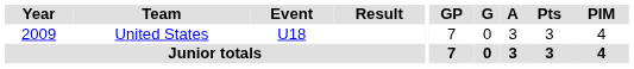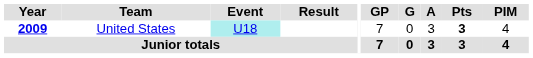 <table border="0" cellpadding="1" cellspacing="0" ID="Table3" style="text-align:center; width:40em">
 <tr ALIGN="center" bgcolor="#e0e0e0">
 <th>Year</th>
 <th>Team</th>
 <th>Event</th>
 <th>Result</th>
 <th rowspan="99" bgcolor="#ffffff"></th>
 <th>GP</th>
 <th>G</th>
 <th>A</th>
 <th>Pts</th>
 <th>PIM</th>
 </tr>
 <tr>
-<td><a href='#'>2009</a></td>
+<td><strong><a href='#'>2009</a></strong></td>
 <td><a href='#'>United States</a></td>
-<td><a href='#'>U18</a></td>
+<td style="background: paleturquoise;"><a href='#'>U18</a></td>
 <td></td>
 <td>7</td>
 <td>0</td>
 <td>3</td>
-<td>3</td>
+<td><strong>3</strong></td>
 <td>4</td>
 </tr>
 <tr ALIGN="center" bgcolor="#e0e0e0">
 <th colspan=4>Junior totals</th>
 <th>7</th>
 <th>0</th>
 <th>3</th>
 <th>3</th>
 <th>4</th>
 </tr>
 </table>
